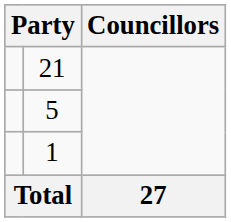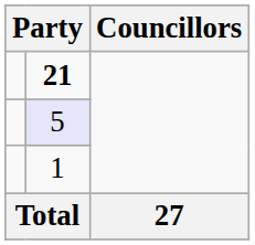 <table class="wikitable">
 <tr>
 <th colspan=2>Party</th>
 <th>Councillors</th>
 </tr>
 <tr>
 <td></td>
-<td align=center>21</td>
+<td align=center><strong>21</strong></td>
 </tr>
 <tr>
 <td></td>
-<td align=center>5</td>
+<td align=center style="background: lavender;">5</td>
 </tr>
 <tr>
 <td></td>
 <td align=center>1</td>
 </tr>
 <tr>
 <th colspan=2>Total</th>
 <th align=center>27</th>
 </tr>
 </table>
